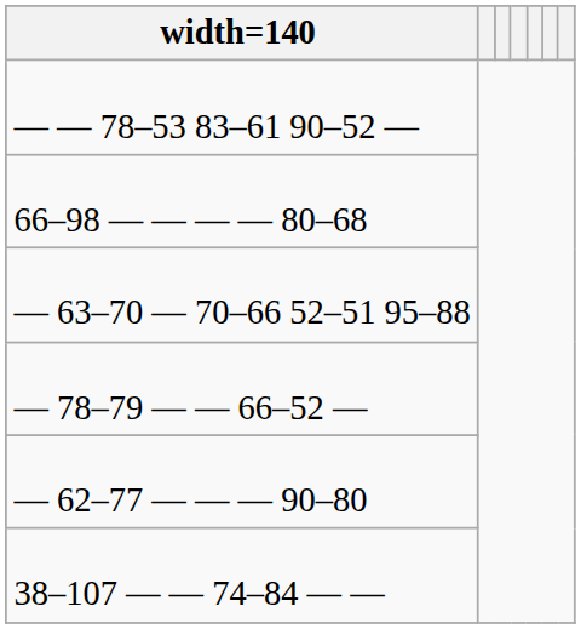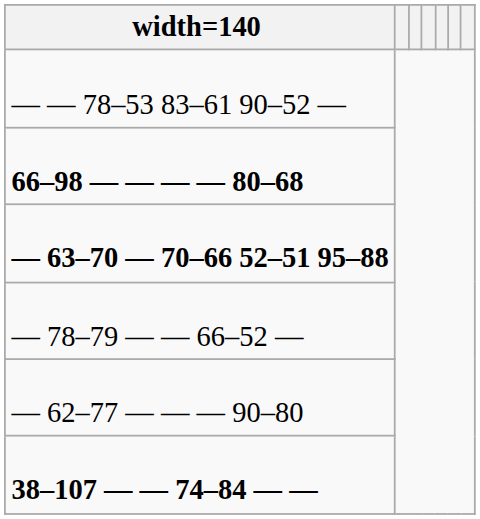 <table class="wikitable" style="text-align:center;">
 <tr>
 <th>width=140 </th>
 <th></th>
 <th></th>
 <th></th>
 <th></th>
 <th></th>
 <th></th>
 </tr>
 <tr>
 <td style="text-align:left;"><br> —  —  78–53  83–61  90–52  —</td>
 </tr>
 <tr>
-<td style="text-align:left;"><br> 66–98  —  —  —  —  80–68</td>
+<td style="text-align:left;"><strong><br> 66–98  —  —  —  —  80–68</strong></td>
 </tr>
 <tr>
-<td style="text-align:left;"><br> —  63–70  —  70–66  52–51  95–88</td>
+<td style="text-align:left;"><strong><br> —  63–70  —  70–66  52–51  95–88</strong></td>
 </tr>
 <tr>
 <td style="text-align:left;"><br> —  78–79  —  —  66–52  —</td>
 </tr>
 <tr>
 <td style="text-align:left;"><br> —  62–77  —  —  —  90–80</td>
 </tr>
 <tr>
-<td style="text-align:left;"><br> 38–107  —  —  74–84  —  —</td>
+<td style="text-align:left;"><strong><br> 38–107  —  —  74–84  —  —</strong></td>
 </tr>
 </table>
